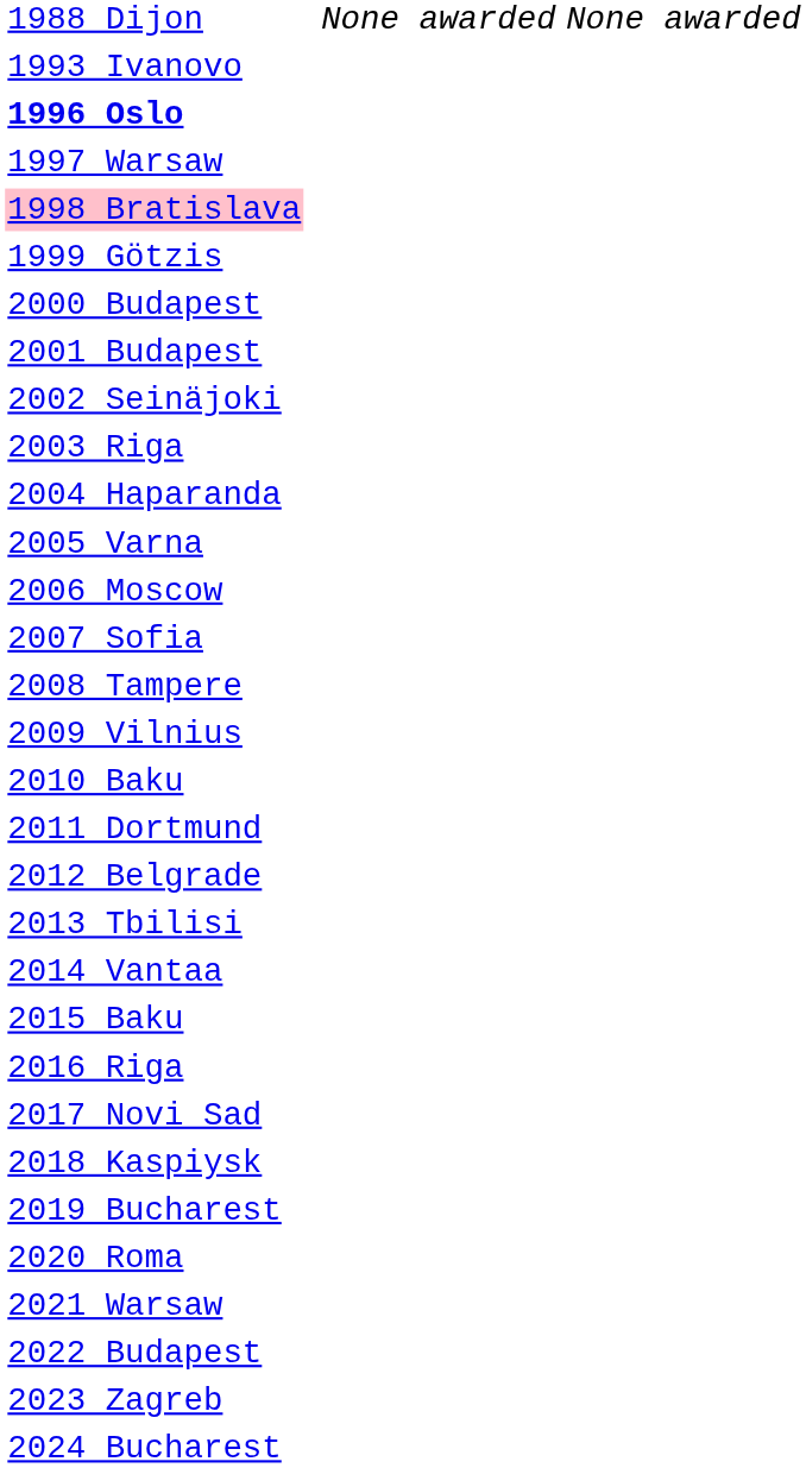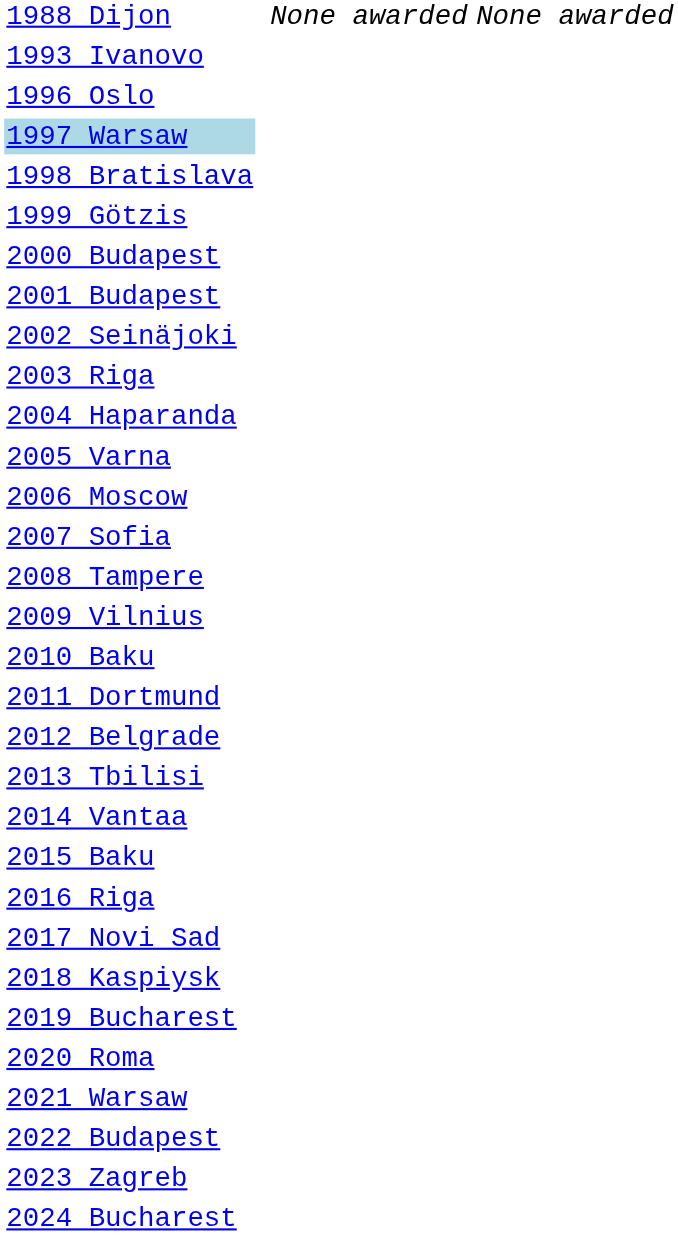 <table>
 <tr>
 <td><a href='#'>1988 Dijon</a></td>
 <td></td>
 <td><em>None awarded</em></td>
 <td><em>None awarded</em></td>
 </tr>
 <tr>
 <td><a href='#'>1993 Ivanovo</a></td>
 <td></td>
 <td></td>
 <td></td>
 </tr>
 <tr>
-<td><strong><a href='#'>1996 Oslo</a></strong></td>
+<td><a href='#'>1996 Oslo</a></td>
 <td></td>
 <td></td>
 <td></td>
 </tr>
 <tr>
-<td><a href='#'>1997 Warsaw</a></td>
+<td style="background: lightblue;"><a href='#'>1997 Warsaw</a></td>
 <td></td>
 <td></td>
 <td></td>
 </tr>
 <tr>
-<td style="background: pink;"><a href='#'>1998 Bratislava</a></td>
+<td><a href='#'>1998 Bratislava</a></td>
 <td></td>
 <td></td>
 <td></td>
 </tr>
 <tr>
 <td><a href='#'>1999 Götzis</a></td>
 <td></td>
 <td></td>
 <td></td>
 </tr>
 <tr>
 <td><a href='#'>2000 Budapest</a></td>
 <td></td>
 <td></td>
 <td></td>
 </tr>
 <tr>
 <td><a href='#'>2001 Budapest</a></td>
 <td></td>
 <td></td>
 <td></td>
 </tr>
 <tr>
 <td><a href='#'>2002 Seinäjoki</a></td>
 <td></td>
 <td></td>
 <td></td>
 </tr>
 <tr>
 <td><a href='#'>2003 Riga</a></td>
 <td></td>
 <td></td>
 <td></td>
 </tr>
 <tr>
 <td><a href='#'>2004 Haparanda</a></td>
 <td></td>
 <td></td>
 <td></td>
 </tr>
 <tr>
 <td rowspan=2><a href='#'>2005 Varna</a></td>
 <td rowspan=2></td>
 <td rowspan=2></td>
 <td></td>
 </tr>
 <tr>
 <td></td>
 </tr>
 <tr>
 <td rowspan=2><a href='#'>2006 Moscow</a></td>
 <td rowspan=2></td>
 <td rowspan=2></td>
 <td></td>
 </tr>
 <tr>
 <td></td>
 </tr>
 <tr>
 <td rowspan=2><a href='#'>2007 Sofia</a></td>
 <td rowspan=2></td>
 <td rowspan=2></td>
 <td></td>
 </tr>
 <tr>
 <td></td>
 </tr>
 <tr>
 <td rowspan=2><a href='#'>2008 Tampere</a></td>
 <td rowspan=2></td>
 <td rowspan=2></td>
 <td></td>
 </tr>
 <tr>
 <td></td>
 </tr>
 <tr>
 <td rowspan=2><a href='#'>2009 Vilnius</a></td>
 <td rowspan=2></td>
 <td rowspan=2></td>
 <td></td>
 </tr>
 <tr>
 <td></td>
 </tr>
 <tr>
 <td rowspan=2><a href='#'>2010 Baku</a></td>
 <td rowspan=2></td>
 <td rowspan=2></td>
 <td></td>
 </tr>
 <tr>
 <td></td>
 </tr>
 <tr>
 <td rowspan=2><a href='#'>2011 Dortmund</a></td>
 <td rowspan=2></td>
 <td rowspan=2></td>
 <td></td>
 </tr>
 <tr>
 <td></td>
 </tr>
 <tr>
 <td rowspan=2><a href='#'>2012 Belgrade</a></td>
 <td rowspan=2></td>
 <td rowspan=2></td>
 <td></td>
 </tr>
 <tr>
 <td></td>
 </tr>
 <tr>
 <td rowspan=2><a href='#'>2013 Tbilisi</a></td>
 <td rowspan=2></td>
 <td rowspan=2></td>
 <td></td>
 </tr>
 <tr>
 <td></td>
 </tr>
 <tr>
 <td rowspan=2><a href='#'>2014 Vantaa</a></td>
 <td rowspan=2></td>
 <td rowspan=2></td>
 <td></td>
 </tr>
 <tr>
 <td></td>
 </tr>
 <tr>
 <td rowspan=2><a href='#'>2015 Baku</a></td>
 <td rowspan=2></td>
 <td rowspan=2></td>
 <td></td>
 </tr>
 <tr>
 <td></td>
 </tr>
 <tr>
 <td rowspan=2><a href='#'>2016 Riga</a></td>
 <td rowspan=2></td>
 <td rowspan=2></td>
 <td></td>
 </tr>
 <tr>
 <td></td>
 </tr>
 <tr>
 <td rowspan=2><a href='#'>2017 Novi Sad</a></td>
 <td rowspan=2></td>
 <td rowspan=2></td>
 <td></td>
 </tr>
 <tr>
 <td></td>
 </tr>
 <tr>
 <td rowspan=2><a href='#'>2018 Kaspiysk</a></td>
 <td rowspan=2></td>
 <td rowspan=2></td>
 <td></td>
 </tr>
 <tr>
 <td></td>
 </tr>
 <tr>
 <td rowspan=2><a href='#'>2019 Bucharest</a></td>
 <td rowspan=2></td>
 <td rowspan=2></td>
 <td></td>
 </tr>
 <tr>
 <td></td>
 </tr>
 <tr>
 <td rowspan=2><a href='#'>2020 Roma</a></td>
 <td rowspan=2></td>
 <td rowspan=2></td>
 <td></td>
 </tr>
 <tr>
 <td></td>
 </tr>
 <tr>
 <td rowspan=2><a href='#'>2021 Warsaw</a></td>
 <td rowspan=2></td>
 <td rowspan=2></td>
 <td></td>
 </tr>
 <tr>
 <td></td>
 </tr>
 <tr>
 <td rowspan=2><a href='#'>2022 Budapest</a></td>
 <td rowspan=2></td>
 <td rowspan=2></td>
 <td></td>
 </tr>
 <tr>
 <td></td>
 </tr>
 <tr>
 <td rowspan=2><a href='#'>2023 Zagreb</a></td>
 <td rowspan=2></td>
 <td rowspan=2></td>
 <td></td>
 </tr>
 <tr>
 <td></td>
 </tr>
 <tr>
 <td rowspan=2><a href='#'>2024 Bucharest</a></td>
 <td rowspan=2></td>
 <td rowspan=2></td>
 <td></td>
 </tr>
 <tr>
 <td></td>
 </tr>
 </table>
